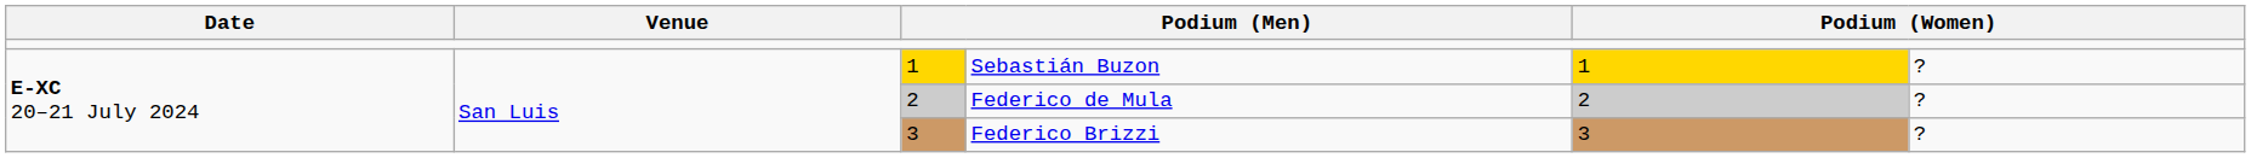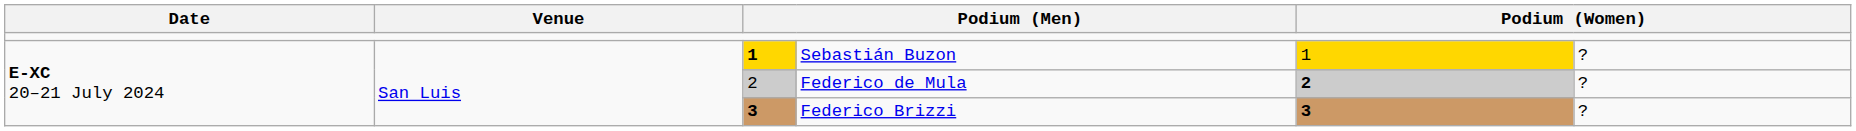 <table class="wikitable" width=70%>
 <tr>
 <th>Date</th>
 <th width=20%>Venue</th>
 <th colspan=2 width=30%>Podium (Men)</th>
 <th colspan=2 width=30%>Podium (Women)</th>
 </tr>
 <tr>
 <td colspan=6></td>
 </tr>
 <tr>
 <td rowspan=3><strong>E-XC</strong> <br> 20–21 July 2024</td>
 <td rowspan=3><br><a href='#'>San Luis</a></td>
-<td bgcolor=FFD700>1</td>
+<td bgcolor=FFD700><strong>1</strong></td>
 <td><a href='#'>Sebastián Buzon</a></td>
 <td bgcolor=FFD700>1</td>
 <td>?</td>
 </tr>
 <tr>
 <td bgcolor=CCCCCC>2</td>
 <td><a href='#'>Federico de Mula</a></td>
-<td bgcolor=CCCCCC>2</td>
+<td bgcolor=CCCCCC><strong>2</strong></td>
 <td>?</td>
 </tr>
 <tr>
-<td bgcolor=CC9966>3</td>
+<td bgcolor=CC9966><strong>3</strong></td>
 <td><a href='#'>Federico Brizzi</a></td>
-<td bgcolor=CC9966>3</td>
+<td bgcolor=CC9966><strong>3</strong></td>
 <td>?</td>
 </tr>
 </table>
